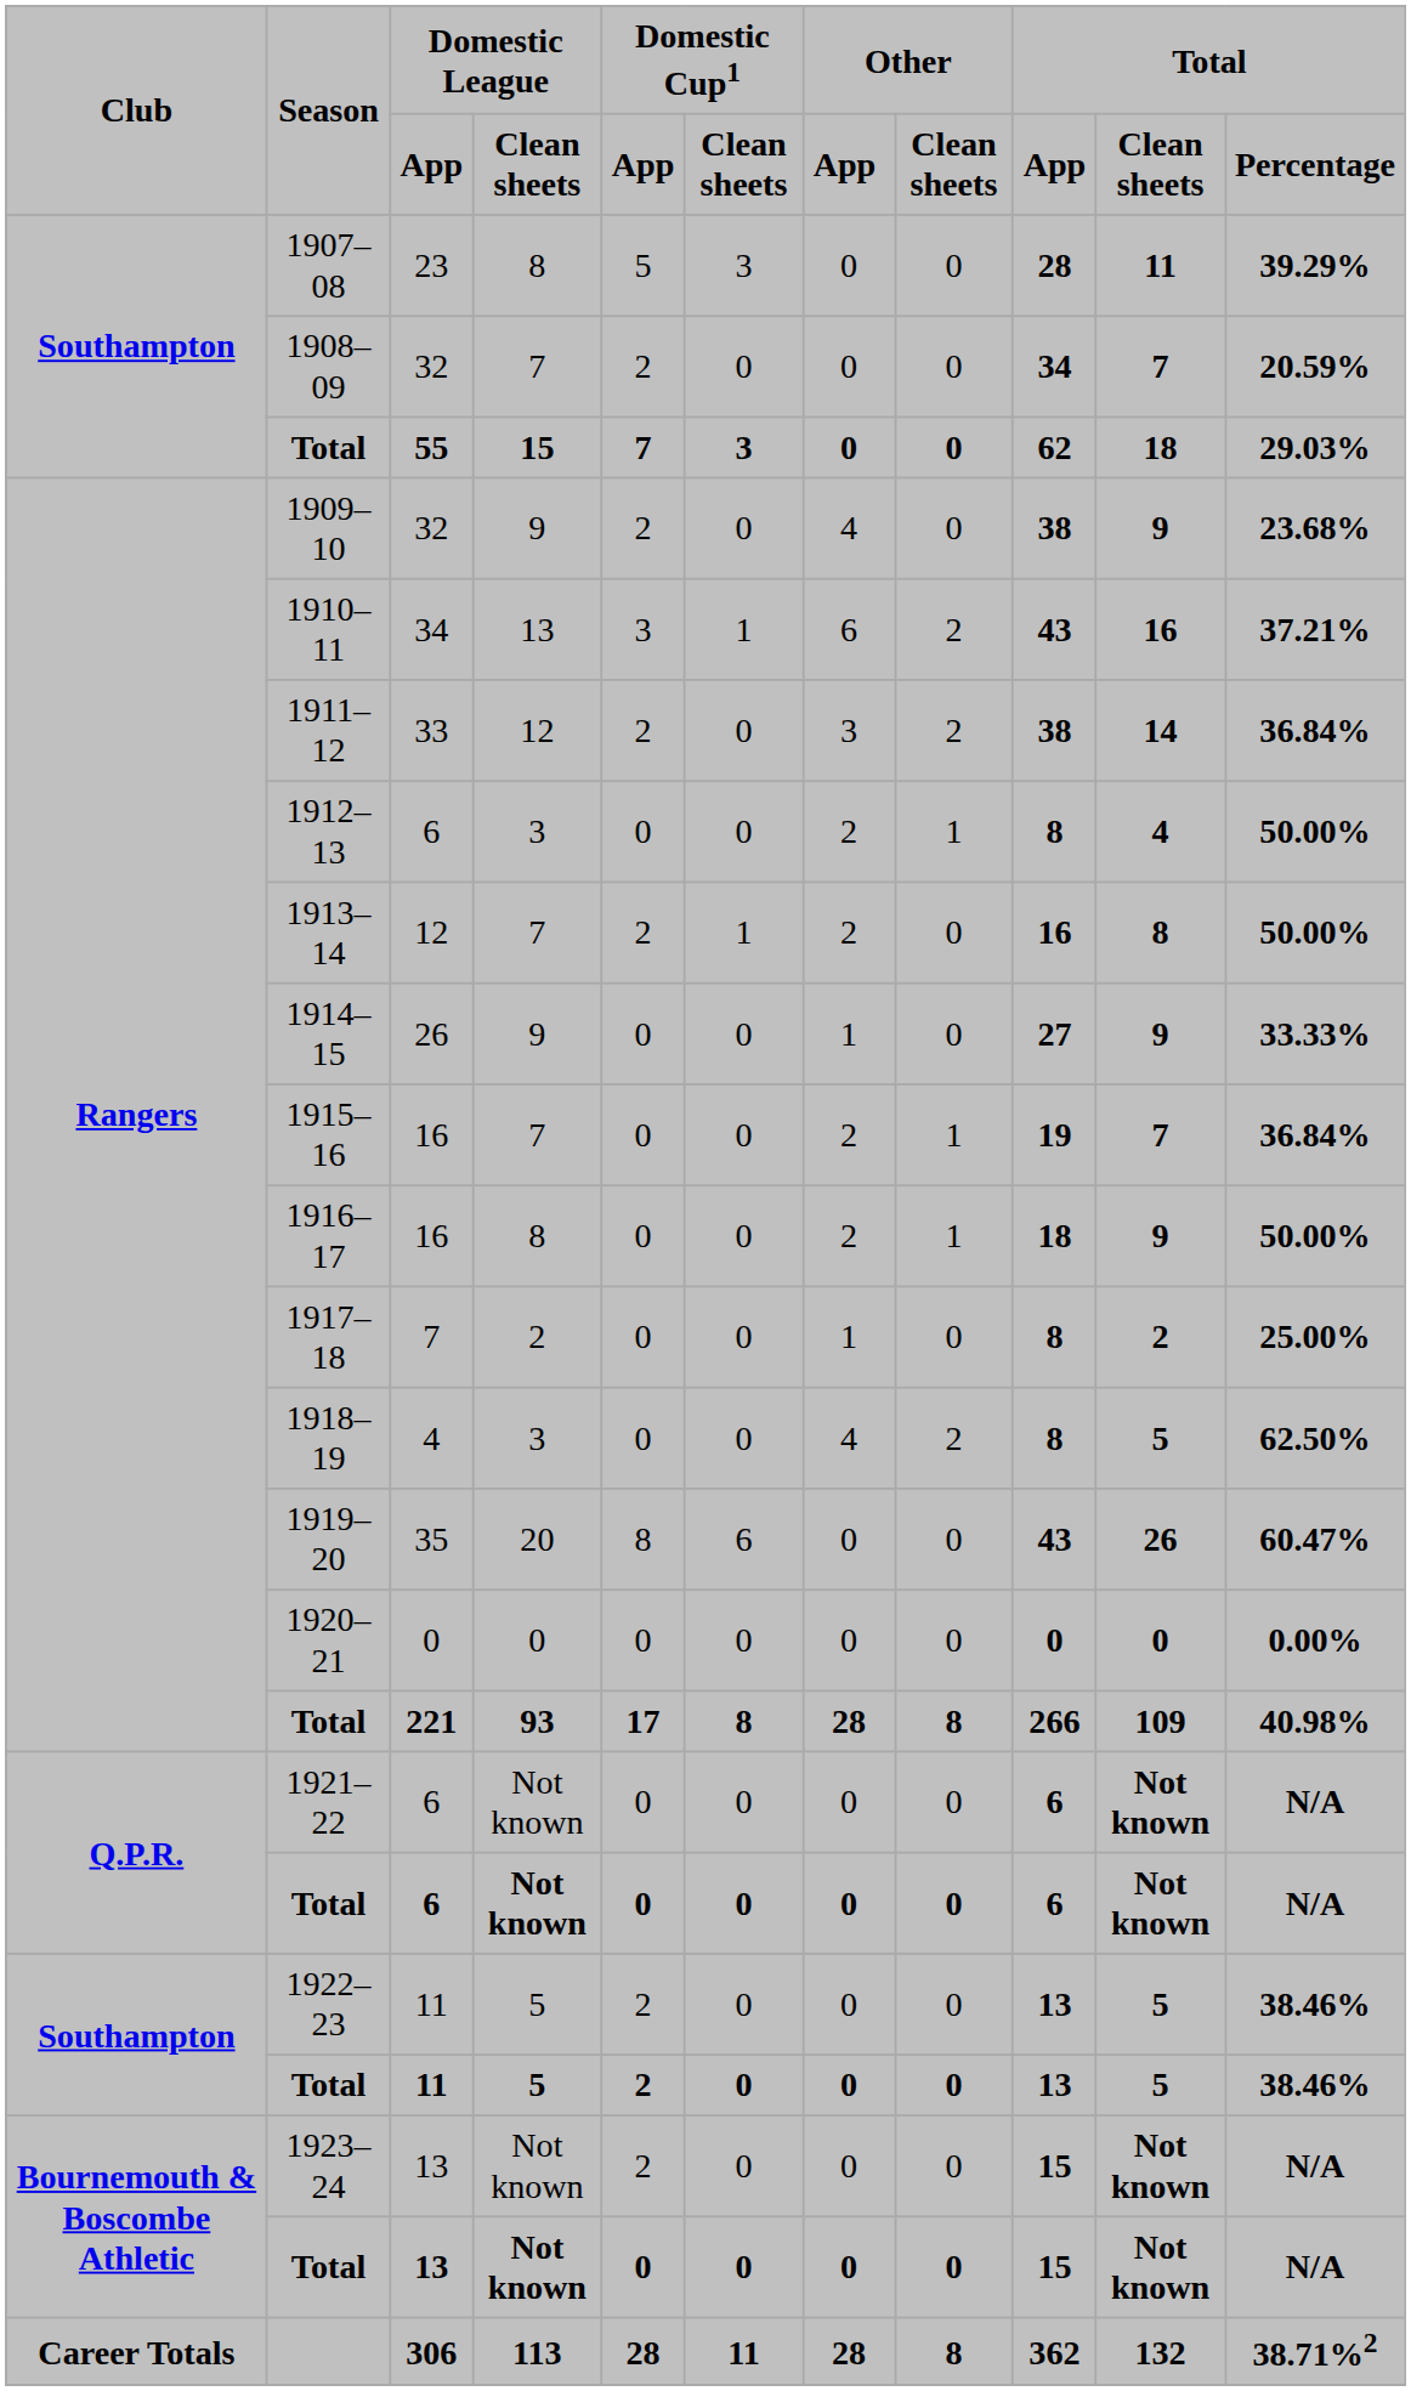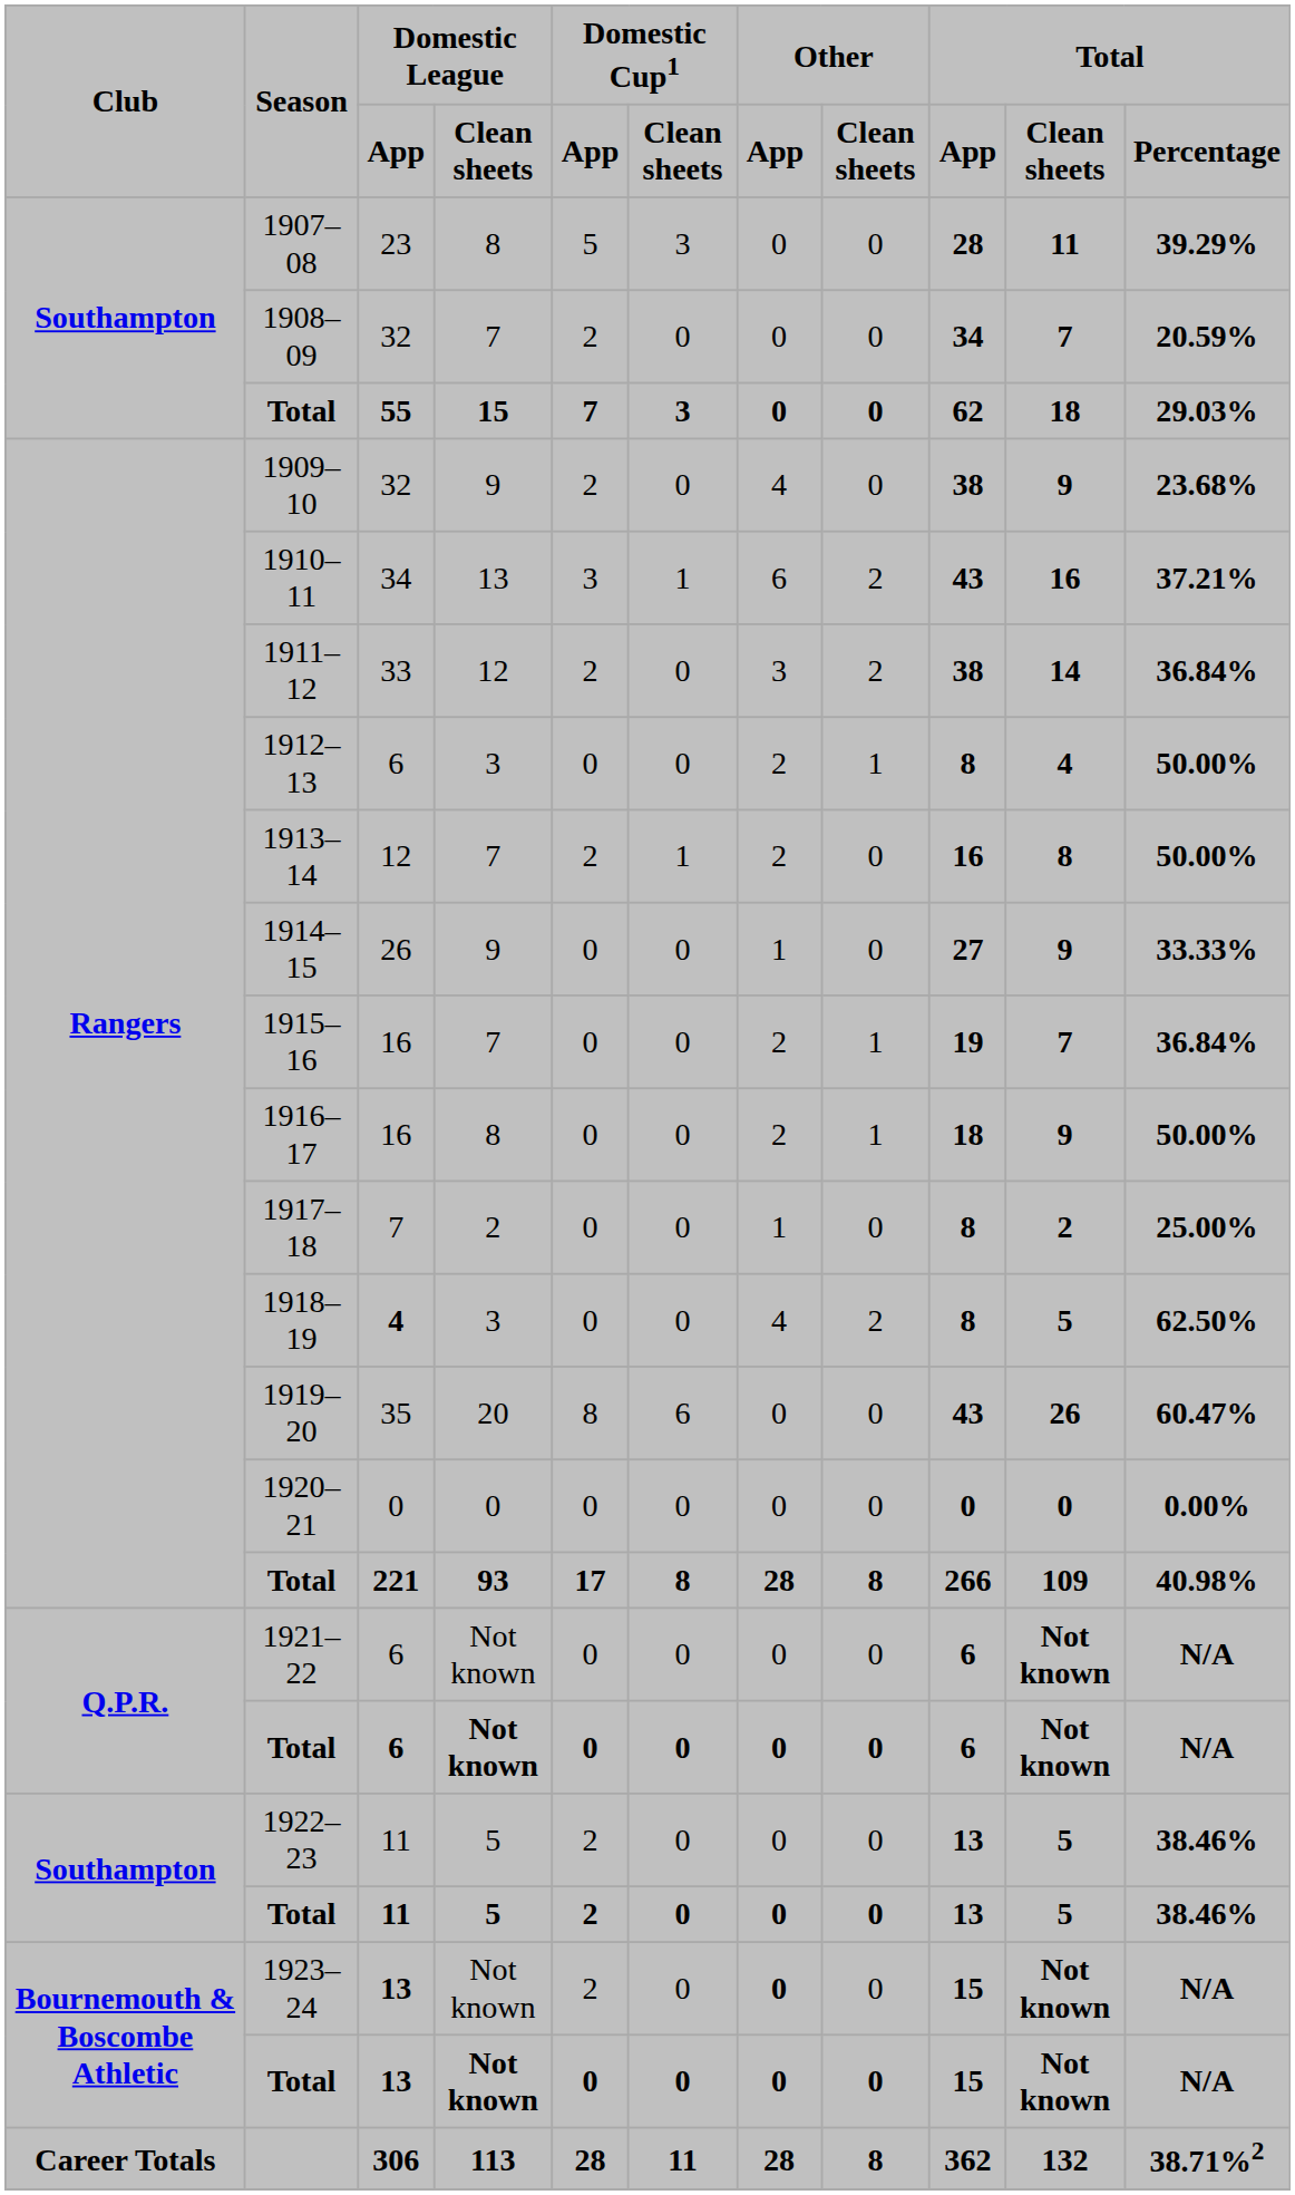 <table border=1 align=center cellpadding=4 cellspacing=2 style="background:#C0C0C0; font-size: 95%; border: 1px #aaaaaa solid; border-collapse: collapse; clear:center">
 <tr style="background:#C0C0C0">
 <th rowspan="2">Club</th>
 <th rowspan="2">Season</th>
 <th colspan="2">Domestic League</th>
 <th colspan="2">Domestic Cup<sup>1</sup></th>
 <th colspan="2">Other</th>
 <th colspan="3">Total</th>
 </tr>
 <tr style="background:#C0C0C0">
 <th>App</th>
 <th>Clean sheets</th>
 <th>App</th>
 <th>Clean sheets</th>
 <th>App </th>
 <th>Clean sheets</th>
 <th>App</th>
 <th>Clean sheets</th>
 <th>Percentage</th>
 </tr>
 <tr style="background:#C0C0C0">
 <td rowspan="3" align=center valign=center><strong><a href='#'>Southampton</a></strong></td>
 <td align="center">1907–08</td>
 <td align="center">23</td>
 <td align="center">8</td>
 <td align="center">5</td>
 <td align="center">3</td>
 <td align="center">0</td>
 <td align="center">0</td>
 <th>28</th>
 <th>11</th>
 <th>39.29%</th>
 </tr>
 <tr style="background:#C0C0C0">
 <td align="center">1908–09</td>
 <td align="center">32</td>
 <td align="center">7</td>
 <td align="center">2</td>
 <td align="center">0</td>
 <td align="center">0</td>
 <td align="center">0</td>
 <th>34</th>
 <th>7</th>
 <th>20.59%</th>
 </tr>
 <tr style="background:#C0C0C0">
 <th>Total</th>
 <th>55</th>
 <th>15</th>
 <th>7</th>
 <th>3</th>
 <th>0</th>
 <th>0</th>
 <th>62</th>
 <th>18</th>
 <th>29.03%</th>
 </tr>
 <tr style="background:#C0C0C0">
 <td rowspan="13" align=center valign=center><strong><a href='#'>Rangers</a></strong></td>
 <td align="center">1909–10</td>
 <td align="center">32</td>
 <td align="center">9</td>
 <td align="center">2</td>
 <td align="center">0</td>
 <td align="center">4</td>
 <td align="center">0</td>
 <th>38</th>
 <th>9</th>
 <th>23.68%</th>
 </tr>
 <tr style="background:#C0C0C0">
 <td align="center">1910–11</td>
 <td align="center">34</td>
 <td align="center">13</td>
 <td align="center">3</td>
 <td align="center">1</td>
 <td align="center">6</td>
 <td align="center">2</td>
 <th>43</th>
 <th>16</th>
 <th>37.21%</th>
 </tr>
 <tr style="background:#C0C0C0">
 <td align="center">1911–12</td>
 <td align="center">33</td>
 <td align="center">12</td>
 <td align="center">2</td>
 <td align="center">0</td>
 <td align="center">3</td>
 <td align="center">2</td>
 <th>38</th>
 <th>14</th>
 <th>36.84%</th>
 </tr>
 <tr style="background:#C0C0C0">
 <td align="center">1912–13</td>
 <td align="center">6</td>
 <td align="center">3</td>
 <td align="center">0</td>
 <td align="center">0</td>
 <td align="center">2</td>
 <td align="center">1</td>
 <th>8</th>
 <th>4</th>
 <th>50.00%</th>
 </tr>
 <tr style="background:#C0C0C0">
 <td align="center">1913–14</td>
 <td align="center">12</td>
 <td align="center">7</td>
 <td align="center">2</td>
 <td align="center">1</td>
 <td align="center">2</td>
 <td align="center">0</td>
 <th>16</th>
 <th>8</th>
 <th>50.00%</th>
 </tr>
 <tr style="background:#C0C0C0">
 <td align="center">1914–15</td>
 <td align="center">26</td>
 <td align="center">9</td>
 <td align="center">0</td>
 <td align="center">0</td>
 <td align="center">1</td>
 <td align="center">0</td>
 <th>27</th>
 <th>9</th>
 <th>33.33%</th>
 </tr>
 <tr style="background:#C0C0C0">
 <td align="center">1915–16</td>
 <td align="center">16</td>
 <td align="center">7</td>
 <td align="center">0</td>
 <td align="center">0</td>
 <td align="center">2</td>
 <td align="center">1</td>
 <th>19</th>
 <th>7</th>
 <th>36.84%</th>
 </tr>
 <tr style="background:#C0C0C0">
 <td align="center">1916–17</td>
 <td align="center">16</td>
 <td align="center">8</td>
 <td align="center">0</td>
 <td align="center">0</td>
 <td align="center">2</td>
 <td align="center">1</td>
 <th>18</th>
 <th>9</th>
 <th>50.00%</th>
 </tr>
 <tr style="background:#C0C0C0">
 <td align="center">1917–18</td>
 <td align="center">7</td>
 <td align="center">2</td>
 <td align="center">0</td>
 <td align="center">0</td>
 <td align="center">1</td>
 <td align="center">0</td>
 <th>8</th>
 <th>2</th>
 <th>25.00%</th>
 </tr>
 <tr style="background:#C0C0C0">
 <td align="center">1918–19</td>
-<td align="center">4</td>
+<td align="center"><strong>4</strong></td>
 <td align="center">3</td>
 <td align="center">0</td>
 <td align="center">0</td>
 <td align="center">4</td>
 <td align="center">2</td>
 <th>8</th>
 <th>5</th>
 <th>62.50%</th>
 </tr>
 <tr style="background:#C0C0C0">
 <td align="center">1919–20</td>
 <td align="center">35</td>
 <td align="center">20</td>
 <td align="center">8</td>
 <td align="center">6</td>
 <td align="center">0</td>
 <td align="center">0</td>
 <th>43</th>
 <th>26</th>
 <th>60.47%</th>
 </tr>
 <tr style="background:#C0C0C0">
 <td align="center">1920–21</td>
 <td align="center">0</td>
 <td align="center">0</td>
 <td align="center">0</td>
 <td align="center">0</td>
 <td align="center">0</td>
 <td align="center">0</td>
 <th>0</th>
 <th>0</th>
 <th>0.00%</th>
 </tr>
 <tr style="background:#C0C0C0">
 <th>Total</th>
 <th>221</th>
 <th>93</th>
 <th>17</th>
 <th>8</th>
 <th>28</th>
 <th>8</th>
 <th>266</th>
 <th>109</th>
 <th>40.98%</th>
 </tr>
 <tr style="background:#C0C0C0">
 <td rowspan="2" align=center valign=center><strong><a href='#'>Q.P.R.</a></strong></td>
 <td align="center">1921–22</td>
 <td align="center">6</td>
 <td align="center">Not known</td>
 <td align="center">0</td>
 <td align="center">0</td>
 <td align="center">0</td>
 <td align="center">0</td>
 <th>6</th>
 <th>Not known</th>
 <th>N/A</th>
 </tr>
 <tr style="background:#C0C0C0">
 <th>Total</th>
 <th>6</th>
 <th>Not known</th>
 <th>0</th>
 <th>0</th>
 <th>0</th>
 <th>0</th>
 <th>6</th>
 <th>Not known</th>
 <th>N/A</th>
 </tr>
 <tr style="background:#C0C0C0">
 <td rowspan="2" align=center valign=center><strong><a href='#'>Southampton</a></strong></td>
 <td align="center">1922–23</td>
 <td align="center">11</td>
 <td align="center">5</td>
 <td align="center">2</td>
 <td align="center">0</td>
 <td align="center">0</td>
 <td align="center">0</td>
 <th>13</th>
 <th>5</th>
 <th>38.46%</th>
 </tr>
 <tr style="background:#C0C0C0">
 <th>Total</th>
 <th>11</th>
 <th>5</th>
 <th>2</th>
 <th>0</th>
 <th>0</th>
 <th>0</th>
 <th>13</th>
 <th>5</th>
 <th>38.46%</th>
 </tr>
 <tr style="background:#C0C0C0">
 <td rowspan="2" align=center valign=center><strong><a href='#'>Bournemouth & Boscombe Athletic</a></strong></td>
 <td align="center">1923–24</td>
-<td align="center">13</td>
+<td align="center"><strong>13</strong></td>
 <td align="center">Not known</td>
 <td align="center">2</td>
 <td align="center">0</td>
-<td align="center">0</td>
+<td align="center"><strong>0</strong></td>
 <td align="center">0</td>
 <th>15</th>
 <th>Not known</th>
 <th>N/A</th>
 </tr>
 <tr style="background:#C0C0C0">
 <th>Total</th>
 <th>13</th>
 <th>Not known</th>
 <th>0</th>
 <th>0</th>
 <th>0</th>
 <th>0</th>
 <th>15</th>
 <th>Not known</th>
 <th>N/A</th>
 </tr>
 <tr>
 <th style="background:#C0C0C0">Career Totals</th>
 <th style="background:#C0C0C0" colspan="1"></th>
 <th style="background:#C0C0C0">306</th>
 <th style="background:#C0C0C0">113</th>
 <th style="background:#C0C0C0">28</th>
 <th style="background:#C0C0C0">11</th>
 <th style="background:#C0C0C0">28</th>
 <th style="background:#C0C0C0">8</th>
 <th style="background:#C0C0C0">362</th>
 <th style="background:#C0C0C0">132</th>
 <th style="background:#C0C0C0">38.71%<sup>2</sup></th>
 </tr>
 <tr>
 </tr>
 </table>
